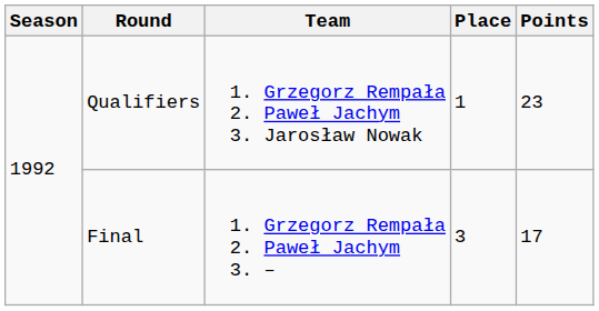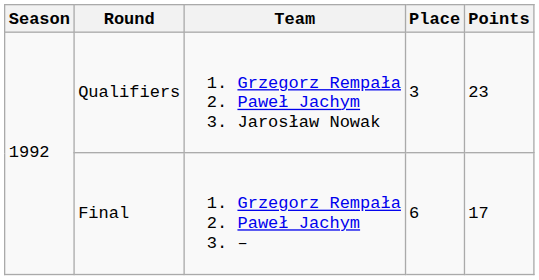 <table class="wikitable">
 <tr>
 <th>Season</th>
 <th>Round</th>
 <th>Team</th>
 <th>Place</th>
 <th>Points</th>
 </tr>
 <tr>
 <td rowspan="2">1992</td>
 <td>Qualifiers</td>
 <td style="padding-left:0"><br><ol><li><a href='#'>Grzegorz Rempała</a></li><li><a href='#'>Paweł Jachym</a></li><li>Jarosław Nowak</li></ol></td>
-<td>1</td>
+<td>3</td>
 <td>23</td>
 </tr>
 <tr>
 <td>Final</td>
 <td style="padding-left:0"><br><ol><li><a href='#'>Grzegorz Rempała</a></li><li><a href='#'>Paweł Jachym</a></li><li>–</li></ol></td>
-<td>3</td>
+<td>6</td>
 <td>17</td>
 </tr>
 </table>
